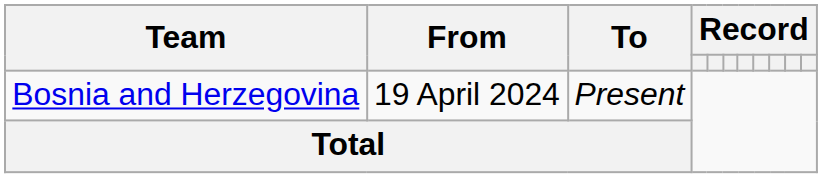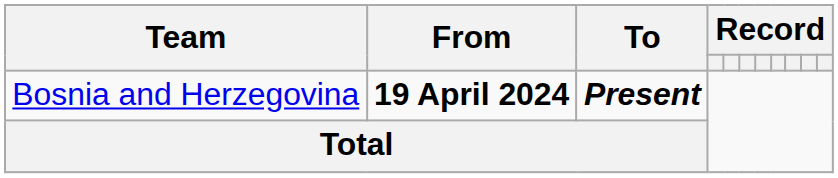 <table class=wikitable style=text-align:center>
 <tr>
 <th rowspan=2>Team</th>
 <th rowspan=2>From</th>
 <th rowspan=2>To</th>
 <th colspan=8>Record</th>
 </tr>
 <tr>
 <th></th>
 <th></th>
 <th></th>
 <th></th>
 <th></th>
 <th></th>
 <th></th>
 <th></th>
 </tr>
 <tr>
 <td align=left><a href='#'>Bosnia and Herzegovina</a></td>
-<td align=left>19 April 2024</td>
-<td align=left><em>Present</em><br></td>
+<td align=left><strong>19 April 2024</strong></td>
+<td align=left><strong><em>Present</em><br></strong></td>
 </tr>
 <tr>
 <th colspan=3>Total<br></th>
 </tr>
 </table>
